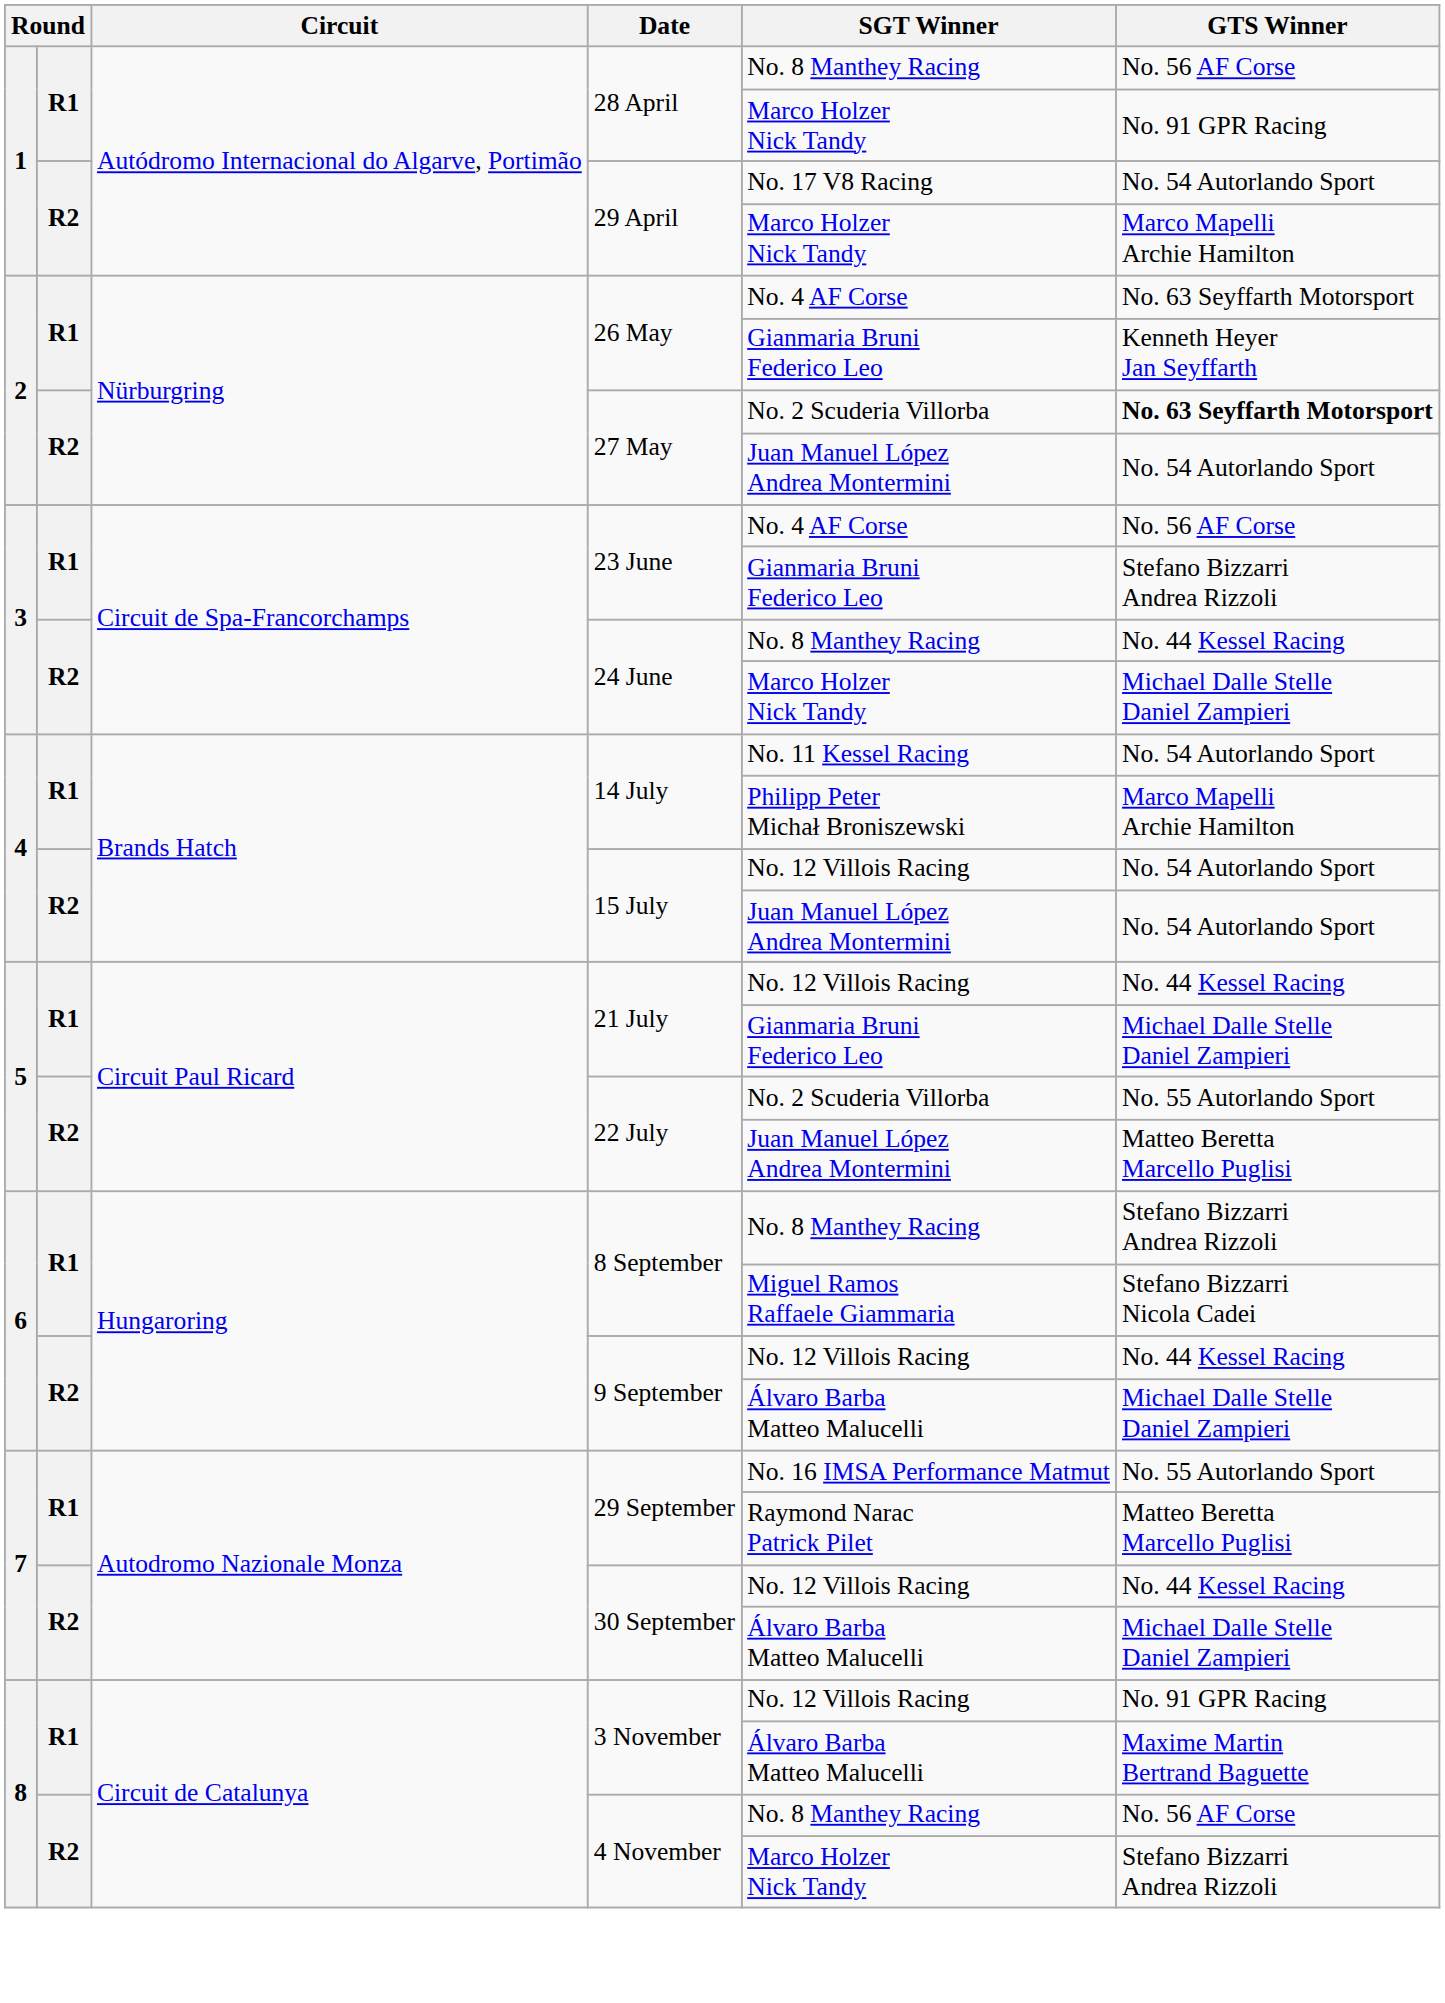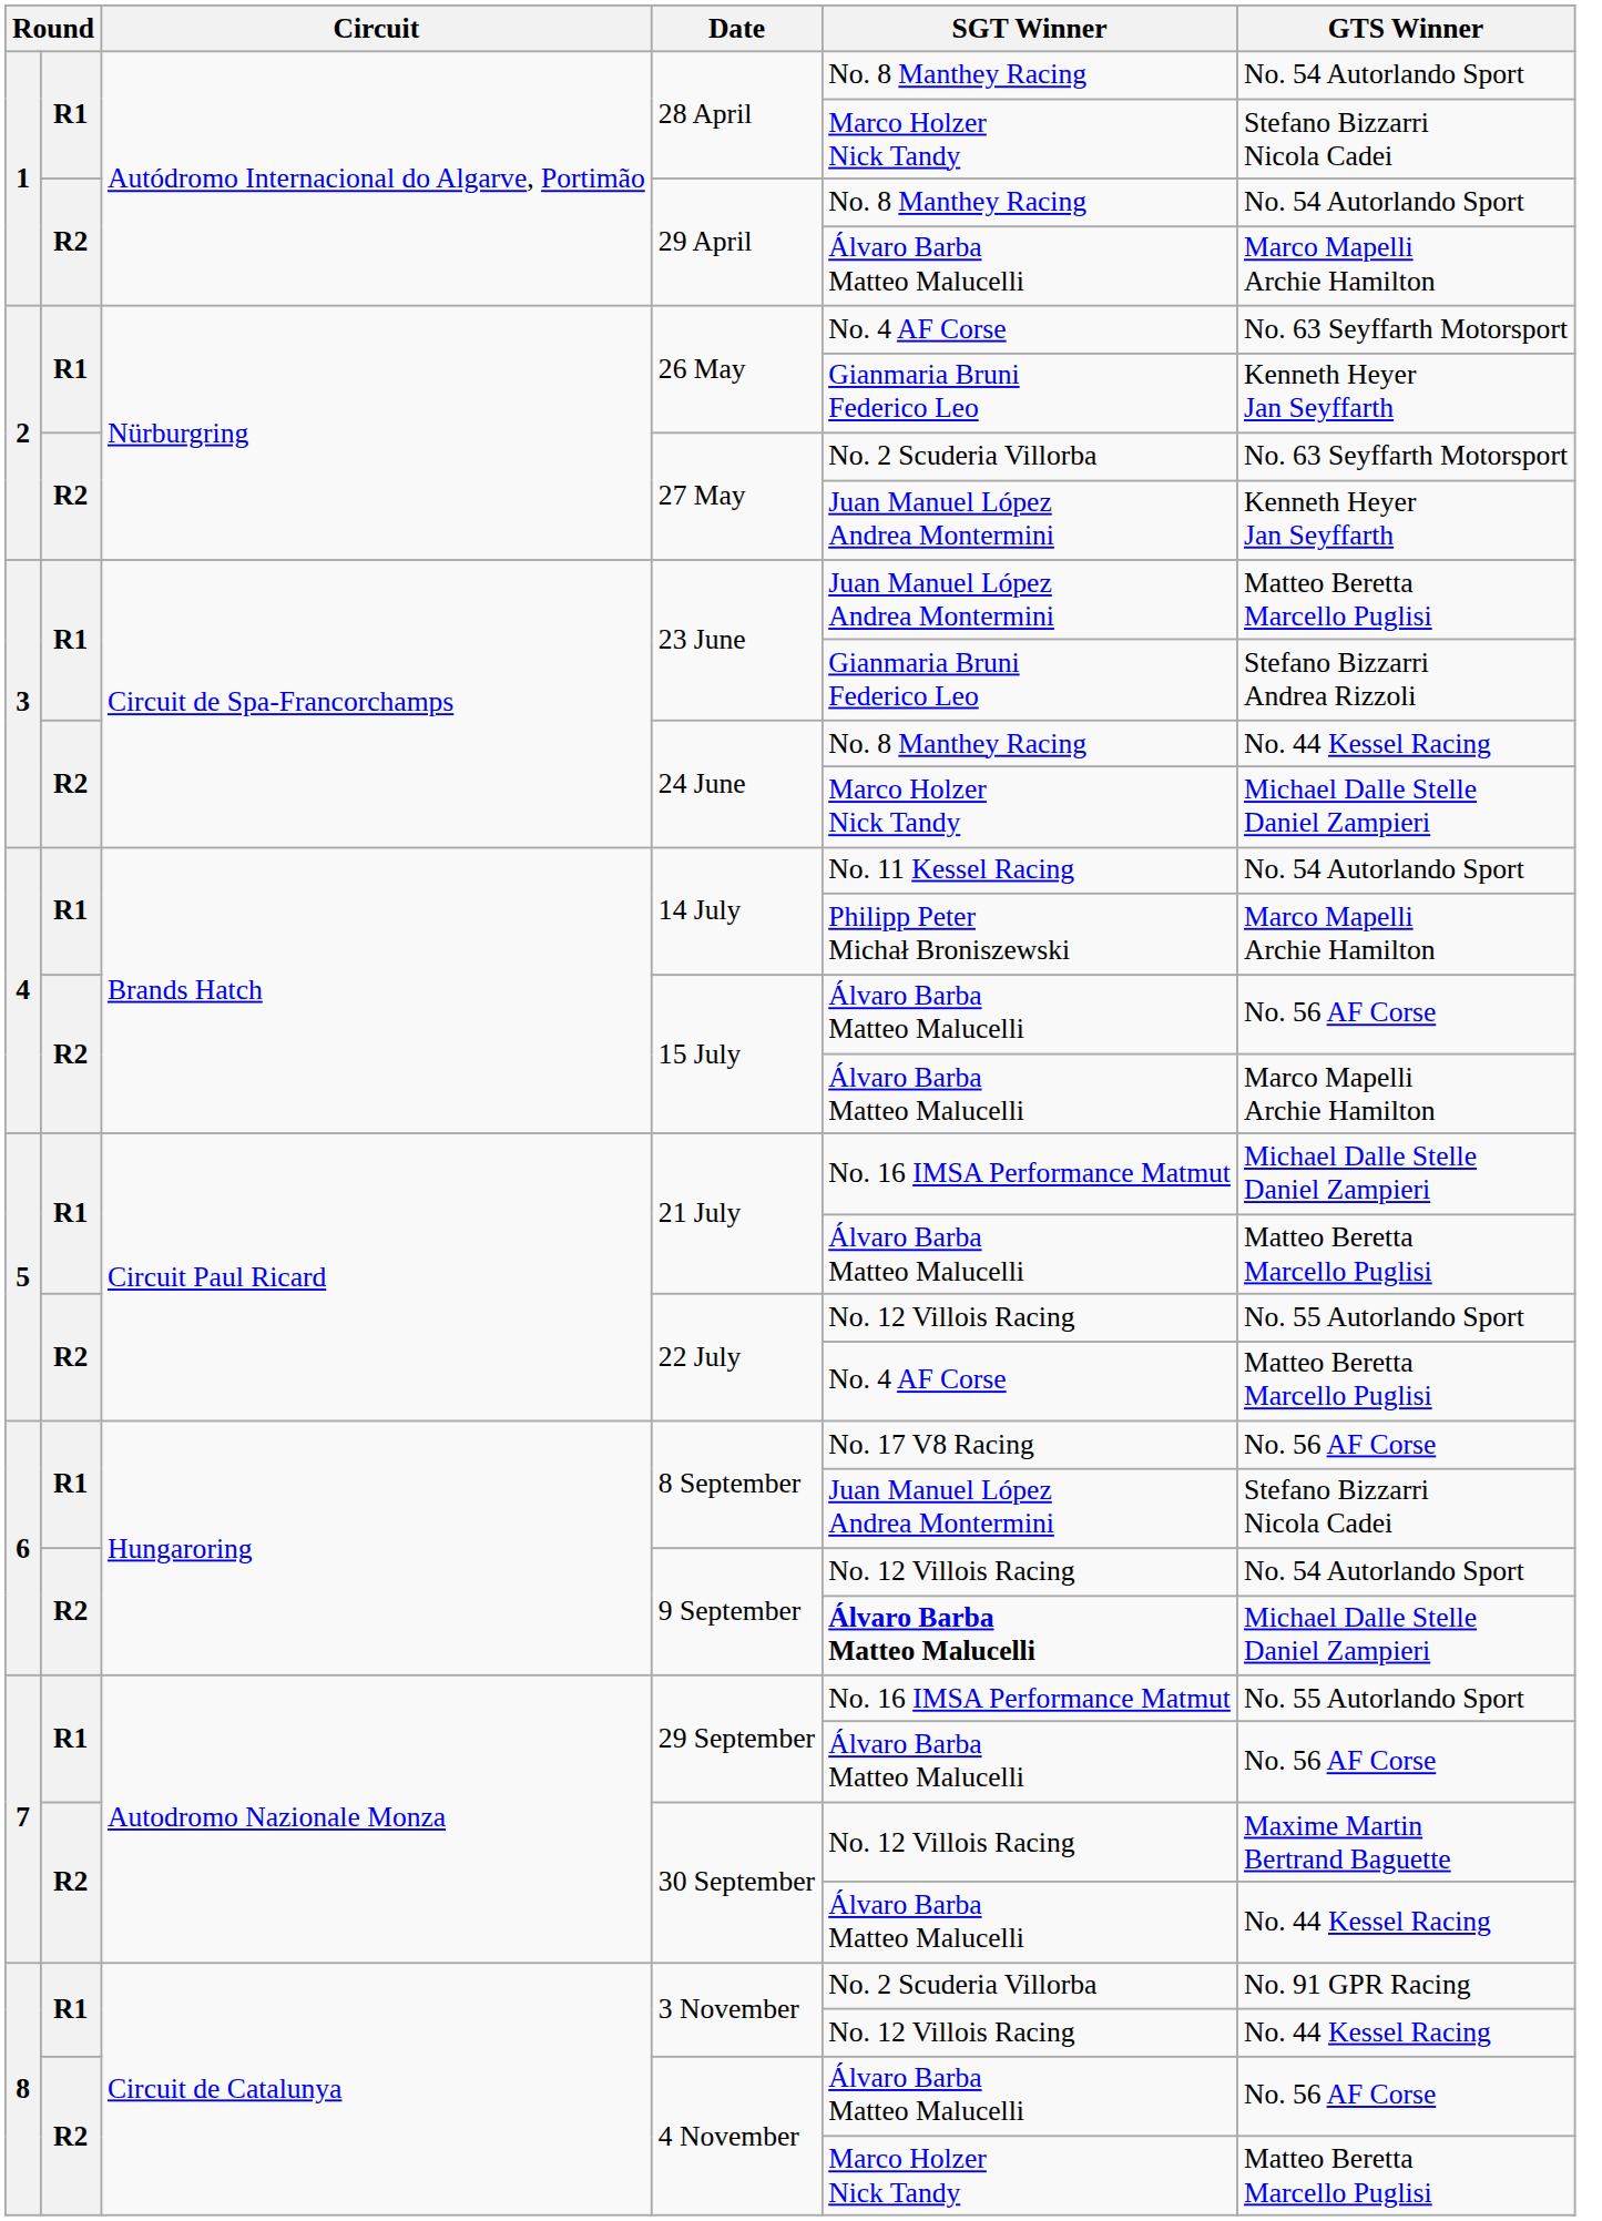 <table class="wikitable" style="font-size: 85%;">
 <tr>
 <th colspan=2>Round</th>
 <th>Circuit</th>
 <th>Date</th>
 <th>SGT Winner</th>
 <th>GTS Winner</th>
 </tr>
 <tr>
 <th rowspan=4>1</th>
 <th rowspan=2>R1</th>
 <td rowspan=4> <a href='#'>Autódromo Internacional do Algarve</a>, <a href='#'>Portimão</a></td>
 <td rowspan=2>28 April</td>
 <td>No. 8 <a href='#'>Manthey Racing</a></td>
-<td>No. 56 <a href='#'>AF Corse</a></td>
+<td>No. 54 Autorlando Sport</td>
 </tr>
 <tr>
 <td> <a href='#'>Marco Holzer</a><br> <a href='#'>Nick Tandy</a></td>
-<td>No. 91 GPR Racing</td>
+<td> Stefano Bizzarri<br> Nicola Cadei</td>
 </tr>
 <tr>
 <th rowspan=2>R2</th>
 <td rowspan=2>29 April</td>
-<td>No. 17 V8 Racing</td>
+<td>No. 8 <a href='#'>Manthey Racing</a></td>
 <td>No. 54 Autorlando Sport</td>
 </tr>
 <tr>
-<td> <a href='#'>Marco Holzer</a><br> <a href='#'>Nick Tandy</a></td>
+<td> <a href='#'>Álvaro Barba</a><br> Matteo Malucelli</td>
 <td> <a href='#'>Marco Mapelli</a><br> Archie Hamilton</td>
 </tr>
 <tr>
 <th rowspan=4>2</th>
 <th rowspan=2>R1</th>
 <td rowspan=4> <a href='#'>Nürburgring</a></td>
 <td rowspan=2>26 May</td>
 <td>No. 4 <a href='#'>AF Corse</a></td>
 <td>No. 63 Seyffarth Motorsport</td>
 </tr>
 <tr>
 <td> <a href='#'>Gianmaria Bruni</a><br> <a href='#'>Federico Leo</a></td>
 <td> Kenneth Heyer<br> <a href='#'>Jan Seyffarth</a></td>
 </tr>
 <tr>
 <th rowspan=2>R2</th>
 <td rowspan=2>27 May</td>
 <td>No. 2 Scuderia Villorba</td>
-<td><strong>No. 63 Seyffarth Motorsport</strong></td>
+<td>No. 63 Seyffarth Motorsport</td>
 </tr>
 <tr>
 <td> <a href='#'>Juan Manuel López</a><br> <a href='#'>Andrea Montermini</a></td>
-<td>No. 54 Autorlando Sport</td>
+<td> Kenneth Heyer<br> <a href='#'>Jan Seyffarth</a></td>
 </tr>
 <tr>
 <th rowspan=4>3</th>
 <th rowspan=2>R1</th>
 <td rowspan=4> <a href='#'>Circuit de Spa-Francorchamps</a></td>
 <td rowspan=2>23 June</td>
-<td>No. 4 <a href='#'>AF Corse</a></td>
-<td>No. 56 <a href='#'>AF Corse</a></td>
+<td> <a href='#'>Juan Manuel López</a><br> <a href='#'>Andrea Montermini</a></td>
+<td> Matteo Beretta<br> <a href='#'>Marcello Puglisi</a></td>
 </tr>
 <tr>
 <td> <a href='#'>Gianmaria Bruni</a><br> <a href='#'>Federico Leo</a></td>
 <td> Stefano Bizzarri<br> Andrea Rizzoli</td>
 </tr>
 <tr>
 <th rowspan=2>R2</th>
 <td rowspan=2>24 June</td>
 <td>No. 8 <a href='#'>Manthey Racing</a></td>
 <td>No. 44 <a href='#'>Kessel Racing</a></td>
 </tr>
 <tr>
 <td> <a href='#'>Marco Holzer</a><br> <a href='#'>Nick Tandy</a></td>
 <td> <a href='#'>Michael Dalle Stelle</a><br> <a href='#'>Daniel Zampieri</a></td>
 </tr>
 <tr>
 <th rowspan=4>4</th>
 <th rowspan=2>R1</th>
 <td rowspan=4> <a href='#'>Brands Hatch</a></td>
 <td rowspan=2>14 July</td>
 <td>No. 11 <a href='#'>Kessel Racing</a></td>
 <td>No. 54 Autorlando Sport</td>
 </tr>
 <tr>
 <td> <a href='#'>Philipp Peter</a><br> Michał Broniszewski</td>
 <td> <a href='#'>Marco Mapelli</a><br> Archie Hamilton</td>
 </tr>
 <tr>
 <th rowspan=2>R2</th>
 <td rowspan=2>15 July</td>
-<td>No. 12 Villois Racing</td>
-<td>No. 54 Autorlando Sport</td>
+<td> <a href='#'>Álvaro Barba</a><br> Matteo Malucelli</td>
+<td>No. 56 <a href='#'>AF Corse</a></td>
 </tr>
 <tr>
-<td> <a href='#'>Juan Manuel López</a><br> <a href='#'>Andrea Montermini</a></td>
-<td>No. 54 Autorlando Sport</td>
+<td> <a href='#'>Álvaro Barba</a><br> Matteo Malucelli</td>
+<td> Marco Mapelli<br> Archie Hamilton</td>
 </tr>
 <tr>
 <th rowspan=4>5</th>
 <th rowspan=2>R1</th>
 <td rowspan=4> <a href='#'>Circuit Paul Ricard</a></td>
 <td rowspan=2>21 July</td>
-<td>No. 12 Villois Racing</td>
-<td>No. 44 <a href='#'>Kessel Racing</a></td>
+<td>No. 16 <a href='#'>IMSA Performance Matmut</a></td>
+<td> <a href='#'>Michael Dalle Stelle</a><br> <a href='#'>Daniel Zampieri</a></td>
 </tr>
 <tr>
-<td> <a href='#'>Gianmaria Bruni</a><br> <a href='#'>Federico Leo</a></td>
-<td> <a href='#'>Michael Dalle Stelle</a><br> <a href='#'>Daniel Zampieri</a></td>
+<td> <a href='#'>Álvaro Barba</a><br> Matteo Malucelli</td>
+<td> Matteo Beretta<br> <a href='#'>Marcello Puglisi</a></td>
 </tr>
 <tr>
 <th rowspan=2>R2</th>
 <td rowspan=2>22 July</td>
-<td>No. 2 Scuderia Villorba</td>
+<td>No. 12 Villois Racing</td>
 <td>No. 55 Autorlando Sport</td>
 </tr>
 <tr>
-<td> <a href='#'>Juan Manuel López</a><br> <a href='#'>Andrea Montermini</a></td>
+<td>No. 4 <a href='#'>AF Corse</a></td>
 <td> Matteo Beretta<br> <a href='#'>Marcello Puglisi</a></td>
 </tr>
 <tr>
 <th rowspan=4>6</th>
 <th rowspan=2>R1</th>
 <td rowspan=4> <a href='#'>Hungaroring</a></td>
 <td rowspan=2>8 September</td>
-<td>No. 8 <a href='#'>Manthey Racing</a></td>
-<td> Stefano Bizzarri<br> Andrea Rizzoli</td>
+<td>No. 17 V8 Racing</td>
+<td>No. 56 <a href='#'>AF Corse</a></td>
 </tr>
 <tr>
-<td> <a href='#'>Miguel Ramos</a><br> <a href='#'>Raffaele Giammaria</a></td>
+<td> <a href='#'>Juan Manuel López</a><br> <a href='#'>Andrea Montermini</a></td>
 <td> Stefano Bizzarri<br> Nicola Cadei</td>
 </tr>
 <tr>
 <th rowspan=2>R2</th>
 <td rowspan=2>9 September</td>
 <td>No. 12 Villois Racing</td>
-<td>No. 44 <a href='#'>Kessel Racing</a></td>
+<td>No. 54 Autorlando Sport</td>
 </tr>
 <tr>
-<td> <a href='#'>Álvaro Barba</a><br> Matteo Malucelli</td>
+<td><strong> <a href='#'>Álvaro Barba</a><br> Matteo Malucelli</strong></td>
 <td> <a href='#'>Michael Dalle Stelle</a><br> <a href='#'>Daniel Zampieri</a></td>
 </tr>
 <tr>
 <th rowspan=4>7</th>
 <th rowspan=2>R1</th>
 <td rowspan=4> <a href='#'>Autodromo Nazionale Monza</a></td>
 <td rowspan=2>29 September</td>
 <td>No. 16 <a href='#'>IMSA Performance Matmut</a></td>
 <td>No. 55 Autorlando Sport</td>
 </tr>
 <tr>
-<td> Raymond Narac <br> <a href='#'>Patrick Pilet</a></td>
-<td> Matteo Beretta<br> <a href='#'>Marcello Puglisi</a></td>
+<td> <a href='#'>Álvaro Barba</a><br> Matteo Malucelli</td>
+<td>No. 56 <a href='#'>AF Corse</a></td>
 </tr>
 <tr>
 <th rowspan=2>R2</th>
 <td rowspan=2>30 September</td>
 <td>No. 12 Villois Racing</td>
-<td>No. 44 <a href='#'>Kessel Racing</a></td>
+<td> <a href='#'>Maxime Martin</a> <br> <a href='#'>Bertrand Baguette</a></td>
 </tr>
 <tr>
 <td> <a href='#'>Álvaro Barba</a><br> Matteo Malucelli</td>
-<td> <a href='#'>Michael Dalle Stelle</a><br> <a href='#'>Daniel Zampieri</a></td>
+<td>No. 44 <a href='#'>Kessel Racing</a></td>
 </tr>
 <tr>
 <th rowspan=4>8</th>
 <th rowspan=2>R1</th>
 <td rowspan=4> <a href='#'>Circuit de Catalunya</a></td>
 <td rowspan=2>3 November</td>
-<td>No. 12 Villois Racing</td>
+<td>No. 2 Scuderia Villorba</td>
 <td>No. 91 GPR Racing</td>
 </tr>
 <tr>
-<td> <a href='#'>Álvaro Barba</a><br> Matteo Malucelli</td>
-<td> <a href='#'>Maxime Martin</a> <br> <a href='#'>Bertrand Baguette</a></td>
+<td>No. 12 Villois Racing</td>
+<td>No. 44 <a href='#'>Kessel Racing</a></td>
 </tr>
 <tr>
 <th rowspan=2>R2</th>
 <td rowspan=2>4 November</td>
-<td>No. 8 <a href='#'>Manthey Racing</a></td>
+<td> <a href='#'>Álvaro Barba</a><br> Matteo Malucelli</td>
 <td>No. 56 <a href='#'>AF Corse</a></td>
 </tr>
 <tr>
 <td> <a href='#'>Marco Holzer</a><br> <a href='#'>Nick Tandy</a></td>
-<td> Stefano Bizzarri<br> Andrea Rizzoli</td>
+<td> Matteo Beretta<br> <a href='#'>Marcello Puglisi</a></td>
 </tr>
 </table>
